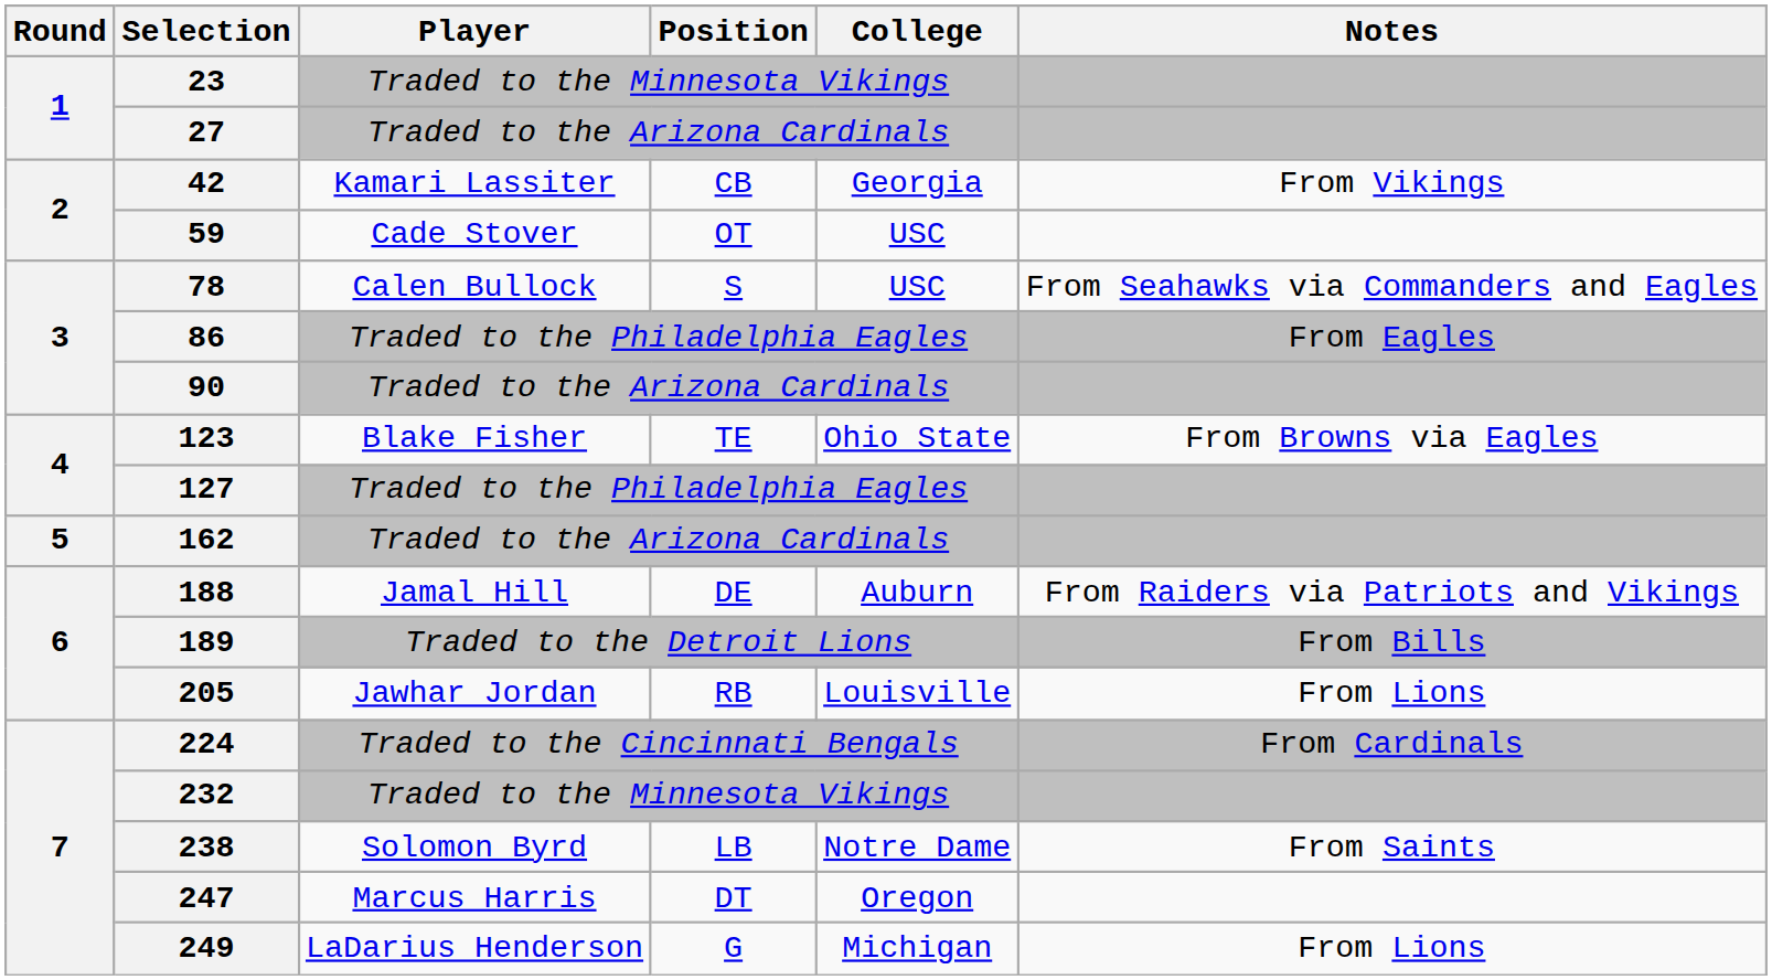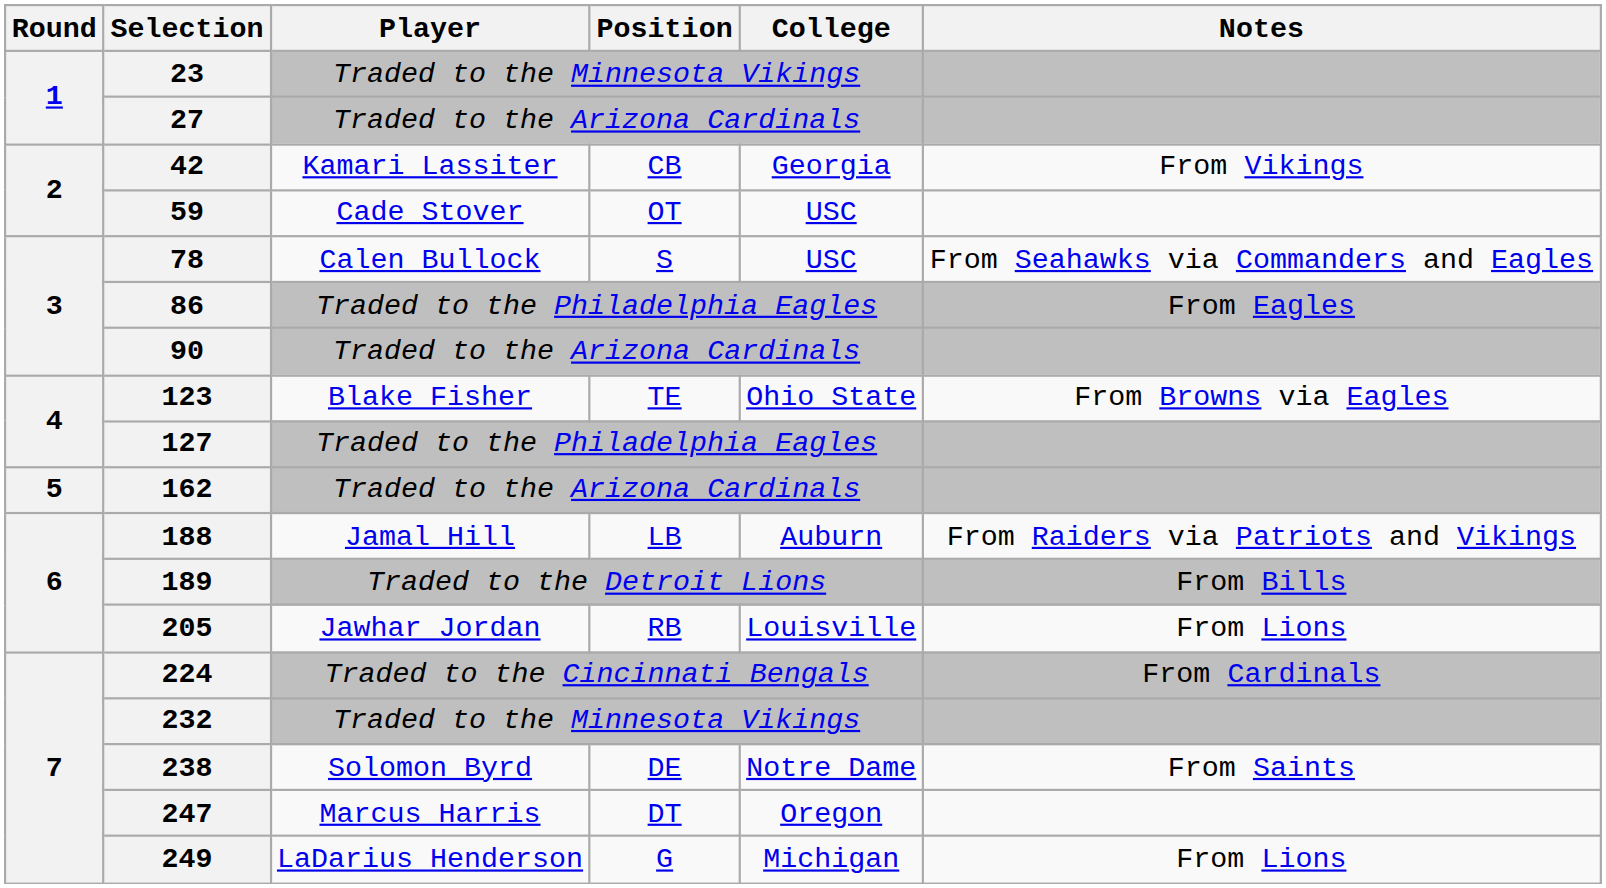 <table class="wikitable" style="text-align:center">
 <tr>
 <th>Round</th>
 <th>Selection</th>
 <th>Player</th>
 <th>Position</th>
 <th>College</th>
 <th>Notes</th>
 </tr>
 <tr>
 <th rowspan="2"><a href='#'>1</a></th>
 <th>23</th>
 <td colspan="3" style="background:#BFBFBF"><em>Traded to the <a href='#'>Minnesota Vikings</a></em></td>
 <td style="background:#BFBFBF"></td>
 </tr>
 <tr>
 <th>27</th>
 <td colspan="3" style="background:#BFBFBF"><em>Traded to the <a href='#'>Arizona Cardinals</a></em></td>
 <td style="background:#BFBFBF"></td>
 </tr>
 <tr>
 <th rowspan="2">2</th>
 <th>42</th>
 <td><a href='#'>Kamari Lassiter</a></td>
 <td><a href='#'>CB</a></td>
 <td><a href='#'>Georgia</a></td>
 <td>From <a href='#'>Vikings</a></td>
 </tr>
 <tr>
 <th>59</th>
 <td><a href='#'>Cade Stover</a></td>
 <td><a href='#'>OT</a></td>
 <td><a href='#'>USC</a></td>
 <td></td>
 </tr>
 <tr>
 <th rowspan="3">3</th>
 <th>78</th>
 <td><a href='#'>Calen Bullock</a></td>
 <td><a href='#'>S</a></td>
 <td><a href='#'>USC</a></td>
 <td>From <a href='#'>Seahawks</a> via <a href='#'>Commanders</a> and <a href='#'>Eagles</a></td>
 </tr>
 <tr>
 <th>86</th>
 <td colspan="3" style="background:#BFBFBF"><em>Traded to the <a href='#'>Philadelphia Eagles</a></em></td>
 <td style="background:#BFBFBF">From <a href='#'>Eagles</a></td>
 </tr>
 <tr>
 <th>90</th>
 <td colspan="3" style="background:#BFBFBF"><em>Traded to the <a href='#'>Arizona Cardinals</a></em></td>
 <td style="background:#BFBFBF"></td>
 </tr>
 <tr>
 <th rowspan="2">4</th>
 <th>123</th>
 <td><a href='#'>Blake Fisher</a></td>
 <td><a href='#'>TE</a></td>
 <td><a href='#'>Ohio State</a></td>
 <td>From <a href='#'>Browns</a> via <a href='#'>Eagles</a></td>
 </tr>
 <tr>
 <th>127</th>
 <td colspan="3" style="background:#BFBFBF"><em>Traded to the <a href='#'>Philadelphia Eagles</a></em></td>
 <td style="background:#BFBFBF"></td>
 </tr>
 <tr>
 <th>5</th>
 <th>162</th>
 <td colspan="3" style="background:#BFBFBF"><em>Traded to the <a href='#'>Arizona Cardinals</a></em></td>
 <td style="background:#BFBFBF"></td>
 </tr>
 <tr>
 <th rowspan="3">6</th>
 <th>188</th>
 <td><a href='#'>Jamal Hill</a></td>
-<td><a href='#'>DE</a></td>
+<td><a href='#'>LB</a></td>
 <td><a href='#'>Auburn</a></td>
 <td>From <a href='#'>Raiders</a> via <a href='#'>Patriots</a> and <a href='#'>Vikings</a></td>
 </tr>
 <tr>
 <th>189</th>
 <td colspan="3" style="background:#BFBFBF"><em>Traded to the <a href='#'>Detroit Lions</a></em></td>
 <td style="background:#BFBFBF">From <a href='#'>Bills</a></td>
 </tr>
 <tr>
 <th>205</th>
 <td><a href='#'>Jawhar Jordan</a></td>
 <td><a href='#'>RB</a></td>
 <td><a href='#'>Louisville</a></td>
 <td>From <a href='#'>Lions</a></td>
 </tr>
 <tr>
 <th rowspan="5">7</th>
 <th>224</th>
 <td colspan="3" style="background:#BFBFBF"><em>Traded to the <a href='#'>Cincinnati Bengals</a></em></td>
 <td style="background:#BFBFBF">From <a href='#'>Cardinals</a></td>
 </tr>
 <tr>
 <th>232</th>
 <td colspan="3" style="background:#BFBFBF"><em>Traded to the <a href='#'>Minnesota Vikings</a></em></td>
 <td style="background:#BFBFBF"></td>
 </tr>
 <tr>
 <th>238</th>
 <td><a href='#'>Solomon Byrd</a></td>
-<td><a href='#'>LB</a></td>
+<td><a href='#'>DE</a></td>
 <td><a href='#'>Notre Dame</a></td>
 <td>From <a href='#'>Saints</a></td>
 </tr>
 <tr>
 <th>247</th>
 <td><a href='#'>Marcus Harris</a></td>
 <td><a href='#'>DT</a></td>
 <td><a href='#'>Oregon</a></td>
 <td></td>
 </tr>
 <tr>
 <th>249</th>
 <td><a href='#'>LaDarius Henderson</a></td>
 <td><a href='#'>G</a></td>
 <td><a href='#'>Michigan</a></td>
 <td>From <a href='#'>Lions</a></td>
 </tr>
 </table>
